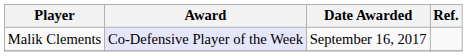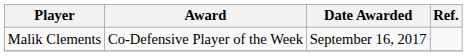 <table class="wikitable sortable sortable" style="text-align: center">
 <tr align=center>
 <th>Player</th>
 <th>Award</th>
 <th>Date Awarded</th>
 <th>Ref.</th>
 </tr>
 <tr>
 <td>Malik Clements</td>
-<td style="background: lavender;">Co-Defensive Player of the Week</td>
+<td>Co-Defensive Player of the Week</td>
 <td>September 16, 2017</td>
 <td></td>
 </tr>
 <tr>
 </tr>
 </table>
